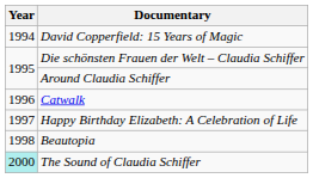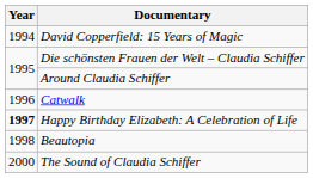 <table class="wikitable sortable">
 <tr>
 <th scope="col">Year</th>
 <th scope="col">Documentary</th>
 </tr>
 <tr>
 <td>1994</td>
 <td><em>David Copperfield: 15 Years of Magic</em></td>
 </tr>
 <tr>
 <td rowspan="2">1995</td>
 <td><em>Die schönsten Frauen der Welt – Claudia Schiffer</em></td>
 </tr>
 <tr>
 <td><em>Around Claudia Schiffer</em></td>
 </tr>
 <tr>
 <td>1996</td>
 <td><em><a href='#'>Catwalk</a></em></td>
 </tr>
 <tr>
-<td>1997</td>
+<td><strong>1997</strong></td>
 <td><em>Happy Birthday Elizabeth: A Celebration of Life</em></td>
 </tr>
 <tr>
 <td>1998</td>
 <td><em>Beautopia</em></td>
 </tr>
 <tr>
-<td style="background: paleturquoise;">2000</td>
+<td>2000</td>
 <td><em>The Sound of Claudia Schiffer</em></td>
 </tr>
 </table>
